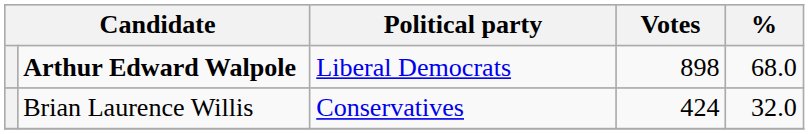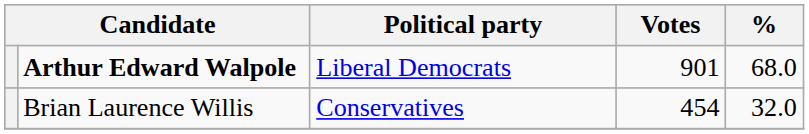 <table class="wikitable">
 <tr>
 <th valign=top colspan="2" style="width: 180px">Candidate</th>
 <th valign=top style="width: 180px">Political party</th>
 <th valign=top style="width: 60px">Votes</th>
 <th valign=top style="width: 40px">%</th>
 </tr>
 <tr>
 <th style="background-color: "></th>
 <td><strong>Arthur Edward Walpole</strong></td>
 <td><a href='#'>Liberal Democrats</a></td>
-<td align="right">898</td>
+<td align="right">901</td>
 <td align="right">68.0</td>
 </tr>
 <tr>
 <th style="background-color: "></th>
 <td>Brian Laurence Willis</td>
 <td><a href='#'>Conservatives</a></td>
-<td align="right">424</td>
+<td align="right">454</td>
 <td align="right">32.0</td>
 </tr>
 <tr>
 </tr>
 </table>
